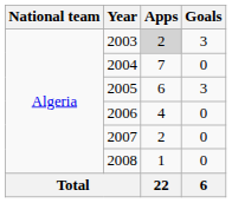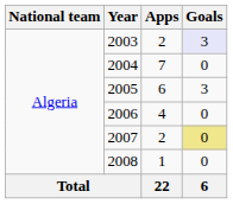 <table class="wikitable" style="text-align:center">
 <tr>
 <th>National team</th>
 <th>Year</th>
 <th>Apps</th>
 <th>Goals</th>
 </tr>
 <tr>
 <td rowspan="6"><a href='#'>Algeria</a></td>
 <td>2003</td>
-<td style="background: lightgrey;">2</td>
-<td>3</td>
+<td>2</td>
+<td style="background: lavender;">3</td>
 </tr>
 <tr>
 <td>2004</td>
 <td>7</td>
 <td>0</td>
 </tr>
 <tr>
 <td>2005</td>
 <td>6</td>
 <td>3</td>
 </tr>
 <tr>
 <td>2006</td>
 <td>4</td>
 <td>0</td>
 </tr>
 <tr>
 <td>2007</td>
 <td>2</td>
-<td>0</td>
+<td style="background: khaki;">0</td>
 </tr>
 <tr>
 <td>2008</td>
 <td>1</td>
 <td>0</td>
 </tr>
 <tr>
 <th colspan="2">Total</th>
 <th>22</th>
 <th>6</th>
 </tr>
 </table>
